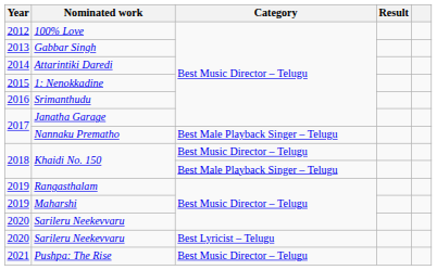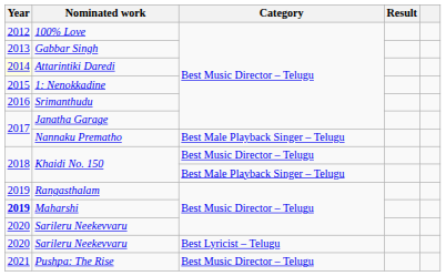 <table class="wikitable" style="width:100%;">
 <tr>
 <th scope="col" style="width:4%;">Year</th>
 <th scope="col" style="width:35%;">Nominated work</th>
 <th scope="col" style="width:50%;">Category</th>
 <th scope="col" style="width:6%;">Result</th>
 <th scope="col" style="width:5%;"></th>
 </tr>
 <tr>
 <td><a href='#'>2012</a></td>
 <td><em><a href='#'>100% Love</a></em></td>
 <td rowspan="6"><a href='#'>Best Music Director – Telugu</a></td>
 <td></td>
 <td></td>
 </tr>
 <tr>
 <td><a href='#'>2013</a></td>
 <td><a href='#'><em>Gabbar Singh</em></a></td>
 <td></td>
 <td></td>
 </tr>
 <tr>
-<td><a href='#'>2014</a></td>
+<td style="background: lightyellow;"><a href='#'>2014</a></td>
 <td><em><a href='#'>Attarintiki Daredi</a></em></td>
 <td></td>
 <td></td>
 </tr>
 <tr>
 <td><a href='#'>2015</a></td>
 <td><em><a href='#'>1: Nenokkadine</a></em></td>
 <td></td>
 <td></td>
 </tr>
 <tr>
 <td><a href='#'>2016</a></td>
 <td><em><a href='#'>Srimanthudu</a></em></td>
 <td></td>
 <td></td>
 </tr>
 <tr>
 <td rowspan="2"><a href='#'>2017</a></td>
 <td><em><a href='#'>Janatha Garage</a></em></td>
 <td></td>
 <td></td>
 </tr>
 <tr>
 <td><em><a href='#'>Nannaku Prematho</a></em></td>
 <td><a href='#'>Best Male Playback Singer – Telugu</a></td>
 <td></td>
 <td></td>
 </tr>
 <tr>
 <td rowspan="2"><a href='#'>2018</a></td>
 <td rowspan="2"><em><a href='#'>Khaidi No. 150</a></em></td>
 <td><a href='#'>Best Music Director – Telugu</a></td>
 <td></td>
 <td></td>
 </tr>
 <tr>
 <td><a href='#'>Best Male Playback Singer – Telugu</a></td>
 <td></td>
 <td></td>
 </tr>
 <tr>
 <td><a href='#'>2019</a></td>
 <td><em><a href='#'>Rangasthalam</a></em></td>
 <td rowspan="3"><a href='#'>Best Music Director – Telugu</a></td>
 <td></td>
 <td></td>
 </tr>
 <tr>
-<td><a href='#'>2019</a></td>
+<td><strong><a href='#'>2019</a></strong></td>
 <td><em><a href='#'>Maharshi</a></em></td>
 <td></td>
 <td></td>
 </tr>
 <tr>
 <td><a href='#'>2020</a></td>
 <td><em><a href='#'>Sarileru Neekevvaru</a></em></td>
 <td></td>
 <td></td>
 </tr>
 <tr>
 <td><a href='#'>2020</a></td>
 <td><em><a href='#'>Sarileru Neekevvaru</a></em></td>
 <td><a href='#'>Best Lyricist – Telugu</a></td>
 <td></td>
 <td></td>
 </tr>
 <tr>
 <td><a href='#'>2021</a></td>
 <td><em><a href='#'>Pushpa: The Rise</a></em></td>
 <td><a href='#'>Best Music Director – Telugu</a></td>
 <td></td>
 <td></td>
 </tr>
 </table>
